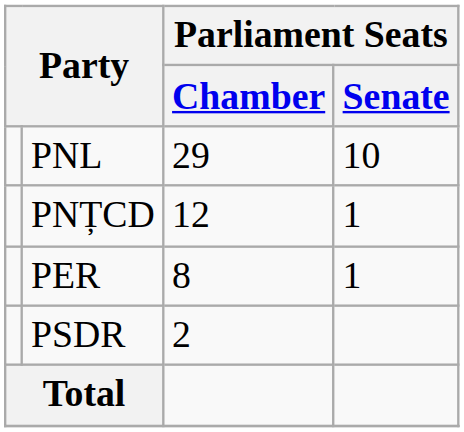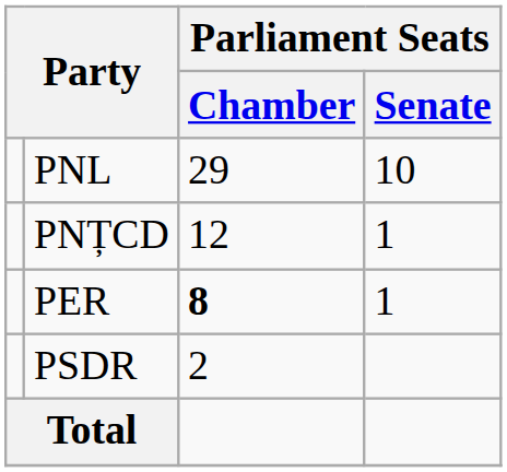 <table class=wikitable style="float:right; margin-left: 10px;">
 <tr>
 <th rowspan="2" colspan=2>Party</th>
 <th colspan="2">Parliament Seats</th>
 </tr>
 <tr>
 <th><a href='#'>Chamber</a></th>
 <th><a href='#'>Senate</a></th>
 </tr>
 <tr>
 <td></td>
 <td style="text-align: left;">PNL</td>
 <td>29</td>
 <td>10</td>
 </tr>
 <tr>
 <td></td>
 <td style="text-align: left;">PNȚCD</td>
 <td>12</td>
 <td>1</td>
 </tr>
 <tr>
 <td></td>
 <td style="text-align: left;">PER</td>
-<td>8</td>
+<td><strong>8</strong></td>
 <td>1</td>
 </tr>
 <tr>
 <td></td>
 <td style="text-align: left;">PSDR</td>
 <td>2</td>
 <td></td>
 </tr>
 <tr>
 <th colspan=2>Total</th>
 <td></td>
 <td></td>
 </tr>
 <tr>
 </tr>
 </table>
